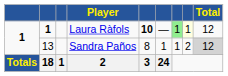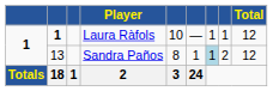 <table class="wikitable" style="text-align:center">
 <tr>
 <th style="background:#26559B; color:#FFF000; "></th>
 <th style="background:#26559B; color:#FFF000; "></th>
 <th style="background:#26559B; color:#FFF000; "></th>
 <th style="background:#26559B; color:#FFF000; ">Player</th>
 <th style="background:#26559B; color:#FFF000; "></th>
 <th style="background:#26559B; color:#FFF000; "></th>
 <th style="background:#26559B; color:#FFF000; "></th>
 <th style="background:#26559B; color:#FFF000; "></th>
 <th style="background:#26559B; color:#FFF000; ">Total</th>
 </tr>
 <tr>
 <td rowspan="2"><strong>1</strong></td>
 <td><strong>1</strong></td>
 <td></td>
 <td align="left"><a href='#'>Laura Ràfols</a></td>
-<td><strong>10</strong></td>
+<td>10</td>
 <td>—</td>
-<td style="background: lightgreen;">1</td>
-<td style="background: lightyellow;">1</td>
+<td>1</td>
+<td>1</td>
 <td>12</td>
 </tr>
 <tr>
 <td>13</td>
 <td></td>
 <td align="left"><a href='#'>Sandra Paños</a></td>
 <td>8</td>
 <td>1</td>
-<td>1</td>
+<td style="background: lightblue;">1</td>
 <td>2</td>
-<td style="background: lightgrey;">12</td>
+<td>12</td>
 </tr>
 <tr>
 <th style="background:#26559B; color:#FFF000; "><strong>Totals</strong></th>
 <th>18</th>
 <th>1</th>
 <th>2</th>
 <th>3</th>
 <th>24</th>
 </tr>
 </table>
